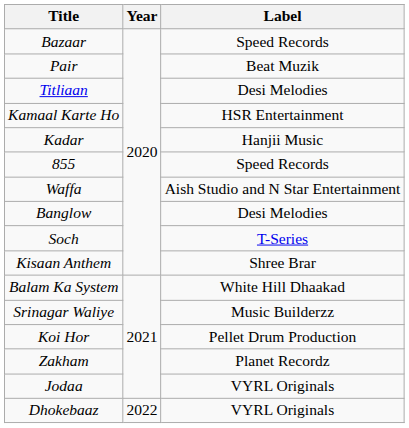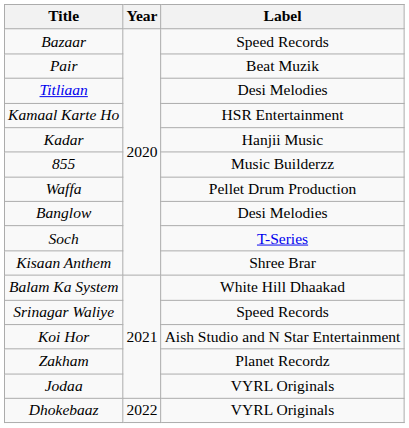 <table class="wikitable" style="text-align:center;">
 <tr>
 <th>Title</th>
 <th>Year</th>
 <th>Label</th>
 </tr>
 <tr>
 <td><em>Bazaar</em></td>
 <td rowspan="10">2020</td>
 <td>Speed Records</td>
 </tr>
 <tr>
 <td><em>Pair</em></td>
 <td>Beat Muzik</td>
 </tr>
 <tr>
 <td><em><a href='#'>Titliaan</a></em></td>
 <td>Desi Melodies</td>
 </tr>
 <tr>
 <td><em>Kamaal Karte Ho</em></td>
 <td>HSR Entertainment</td>
 </tr>
 <tr>
 <td><em>Kadar</em> </td>
 <td>Hanjii Music</td>
 </tr>
 <tr>
 <td><em>855</em> </td>
-<td>Speed Records</td>
+<td>Music Builderzz</td>
 </tr>
 <tr>
 <td><em>Waffa</em> </td>
-<td>Aish Studio and N Star Entertainment</td>
+<td>Pellet Drum Production</td>
 </tr>
 <tr>
 <td><em>Banglow</em> </td>
 <td>Desi Melodies</td>
 </tr>
 <tr>
 <td><em>Soch</em> </td>
 <td><a href='#'>T-Series</a></td>
 </tr>
 <tr>
 <td><em>Kisaan Anthem</em></td>
 <td>Shree Brar</td>
 </tr>
 <tr>
 <td><em>Balam Ka System</em> </td>
 <td rowspan="5">2021</td>
 <td>White Hill Dhaakad</td>
 </tr>
 <tr>
 <td><em>Srinagar Waliye</em> </td>
-<td>Music Builderzz</td>
+<td>Speed Records</td>
 </tr>
 <tr>
 <td><em>Koi Hor</em> </td>
-<td>Pellet Drum Production</td>
+<td>Aish Studio and N Star Entertainment</td>
 </tr>
 <tr>
 <td><em>Zakham</em></td>
 <td>Planet Recordz</td>
 </tr>
 <tr>
 <td><em>Jodaa</em></td>
 <td>VYRL Originals</td>
 </tr>
 <tr>
 <td><em>Dhokebaaz</em></td>
 <td>2022</td>
 <td>VYRL Originals</td>
 </tr>
 </table>
